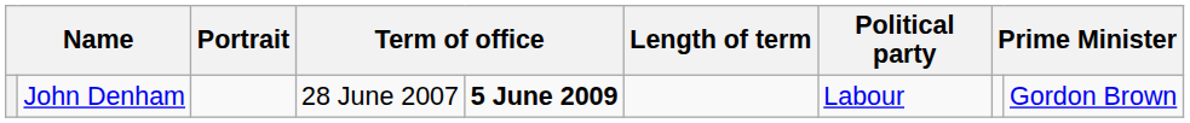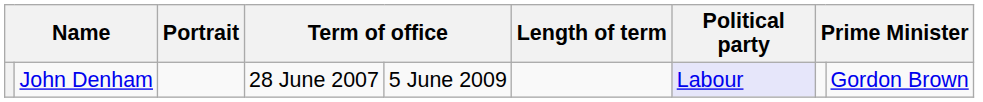 <table class="wikitable">
 <tr>
 <th colspan=2>Name</th>
 <th>Portrait</th>
 <th colspan=2>Term of office</th>
 <th>Length of term</th>
 <th>Political party</th>
 <th colspan=2>Prime Minister</th>
 </tr>
 <tr>
 <th style="background-color: "></th>
 <td><a href='#'>John Denham</a></td>
 <td></td>
 <td>28 June 2007</td>
-<td><strong>5 June 2009</strong></td>
+<td>5 June 2009</td>
 <td></td>
-<td width=100><a href='#'>Labour</a></td>
+<td width=100 style="background: lavender;"><a href='#'>Labour</a></td>
 <td style="background-color: "></td>
 <td><a href='#'>Gordon Brown</a></td>
 </tr>
 </table>
